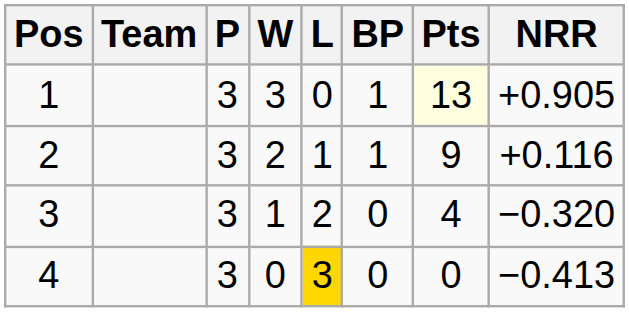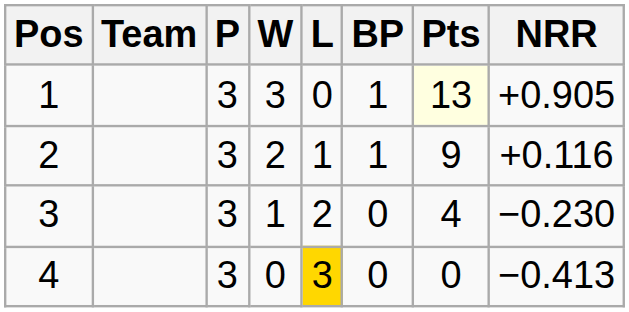 <table class="wikitable">
 <tr>
 <th>Pos</th>
 <th>Team</th>
 <th>P</th>
 <th>W</th>
 <th>L</th>
 <th>BP</th>
 <th>Pts</th>
 <th>NRR</th>
 </tr>
 <tr style="text-align:center;">
 <td>1</td>
 <td style="text-align:left;"></td>
 <td>3</td>
 <td>3</td>
 <td>0</td>
 <td>1</td>
 <td style="background: lightyellow;">13</td>
 <td>+0.905</td>
 </tr>
 <tr style="text-align:center;">
 <td>2</td>
 <td style="text-align:left;"></td>
 <td>3</td>
 <td>2</td>
 <td>1</td>
 <td>1</td>
 <td>9</td>
 <td>+0.116</td>
 </tr>
 <tr style="text-align:center;">
 <td>3</td>
 <td style="text-align:left;"></td>
 <td>3</td>
 <td>1</td>
 <td>2</td>
 <td>0</td>
 <td>4</td>
-<td>−0.320</td>
+<td>−0.230</td>
 </tr>
 <tr style="text-align:center;">
 <td>4</td>
 <td style="text-align:left;"></td>
 <td>3</td>
 <td>0</td>
 <td style="background: gold;">3</td>
 <td>0</td>
 <td>0</td>
 <td>−0.413</td>
 </tr>
 </table>
